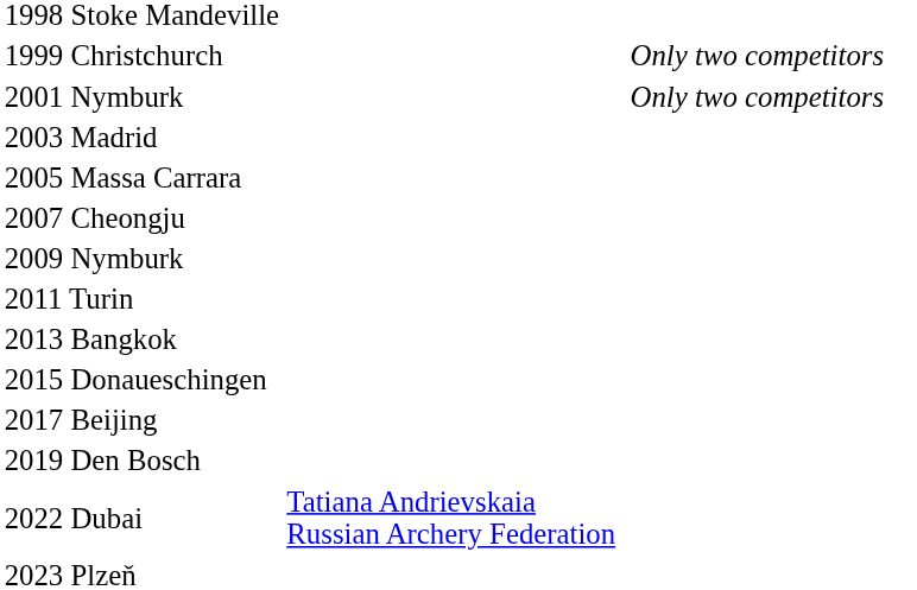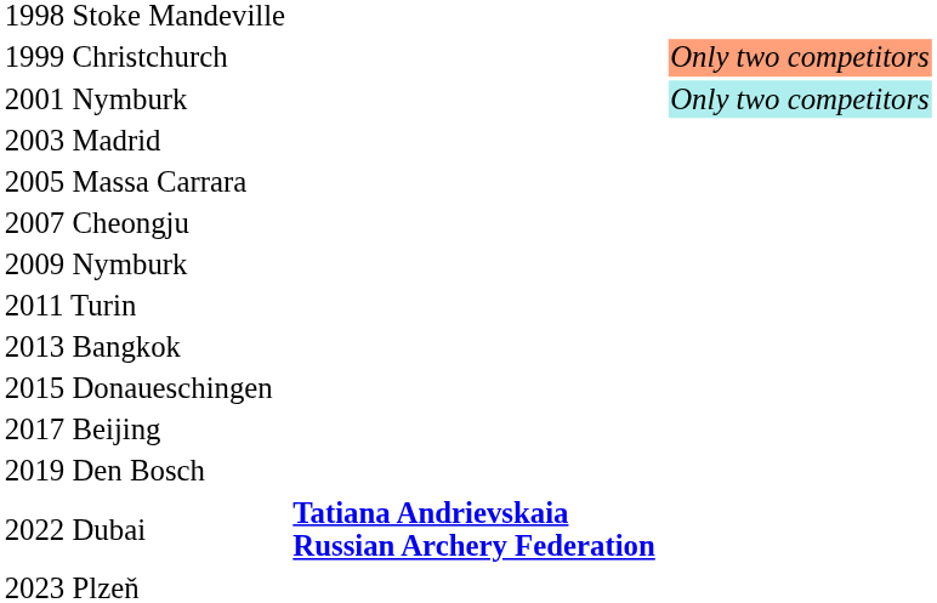 <table>
 <tr>
 <td>1998 Stoke Mandeville</td>
 <td></td>
 <td></td>
 <td></td>
 </tr>
 <tr>
 <td>1999 Christchurch</td>
 <td></td>
 <td></td>
-<td><em>Only two competitors</em></td>
+<td style="background: lightsalmon;"><em>Only two competitors</em></td>
 </tr>
 <tr>
 <td>2001 Nymburk</td>
 <td></td>
 <td></td>
-<td><em>Only two competitors</em></td>
+<td style="background: paleturquoise;"><em>Only two competitors</em></td>
 </tr>
 <tr>
 <td>2003 Madrid</td>
 <td></td>
 <td></td>
 <td></td>
 </tr>
 <tr>
 <td>2005 Massa Carrara</td>
 <td></td>
 <td></td>
 <td></td>
 </tr>
 <tr>
 <td>2007 Cheongju</td>
 <td></td>
 <td></td>
 <td></td>
 </tr>
 <tr>
 <td>2009 Nymburk</td>
 <td></td>
 <td></td>
 <td></td>
 </tr>
 <tr>
 <td>2011 Turin</td>
 <td></td>
 <td></td>
 <td></td>
 </tr>
 <tr>
 <td>2013 Bangkok</td>
 <td></td>
 <td></td>
 <td></td>
 </tr>
 <tr>
 <td>2015 Donaueschingen</td>
 <td></td>
 <td></td>
 <td></td>
 </tr>
 <tr>
 <td>2017 Beijing</td>
 <td></td>
 <td></td>
 <td></td>
 </tr>
 <tr>
 <td>2019 Den Bosch</td>
 <td></td>
 <td></td>
 <td></td>
 </tr>
 <tr>
 <td>2022 Dubai</td>
-<td><a href='#'>Tatiana Andrievskaia</a><br><a href='#'>Russian Archery Federation</a></td>
+<td><strong><a href='#'>Tatiana Andrievskaia</a><br><a href='#'>Russian Archery Federation</a></strong></td>
 <td></td>
 <td></td>
 </tr>
 <tr>
 <td>2023 Plzeň</td>
 <td></td>
 <td></td>
 <td></td>
 </tr>
 </table>
